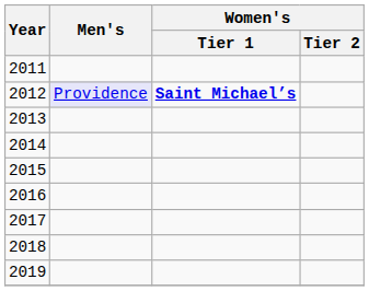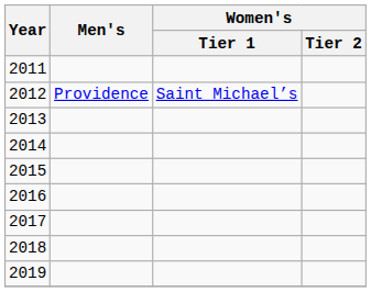 <table class="wikitable">
 <tr>
 <th scope="col" rowspan=2>Year</th>
 <th scope="col" rowspan=2>Men's</th>
 <th scope="col" colspan=4>Women's</th>
 </tr>
 <tr>
 <th>Tier 1</th>
 <th>Tier 2</th>
 </tr>
 <tr>
 <td>2011</td>
 <td></td>
 <td></td>
 <td></td>
 </tr>
 <tr>
 <td>2012</td>
-<td style="background: lavender;"><a href='#'>Providence</a></td>
-<td><strong><a href='#'>Saint Michael’s</a></strong></td>
+<td><a href='#'>Providence</a></td>
+<td><a href='#'>Saint Michael’s</a></td>
 <td></td>
 </tr>
 <tr>
 <td>2013</td>
 <td></td>
 <td></td>
 <td></td>
 </tr>
 <tr>
 <td>2014</td>
 <td></td>
 <td></td>
 <td></td>
 </tr>
 <tr>
 <td>2015</td>
 <td></td>
 <td></td>
 <td></td>
 </tr>
 <tr>
 <td>2016</td>
 <td></td>
 <td></td>
 <td></td>
 </tr>
 <tr>
 <td>2017</td>
 <td></td>
 <td></td>
 <td></td>
 </tr>
 <tr>
 <td>2018</td>
 <td></td>
 <td></td>
 <td></td>
 </tr>
 <tr>
 <td>2019</td>
 <td></td>
 <td></td>
 <td></td>
 </tr>
 <tr>
 </tr>
 </table>
